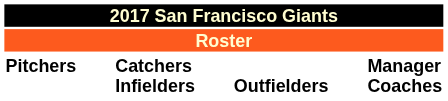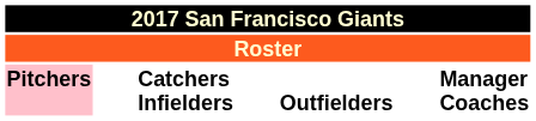 <table class="toccolours" style="font-size: 95%;">
 <tr>
 <th colspan="10" style="background:black; color:#fffdd0; text-align:center;">2017 San Francisco Giants</th>
 </tr>
 <tr>
 <td colspan="10" style="background:#fd5a1e; color:#fffdd0; text-align:center;"><strong>Roster</strong></td>
 </tr>
 <tr>
-<td valign="top"><strong>Pitchers</strong><br>                     </td>
+<td valign="top" style="background: pink;"><strong>Pitchers</strong><br>                     </td>
 <td style="width:25px;"></td>
 <td valign="top"><strong>Catchers</strong><br>   <strong>Infielders</strong>             </td>
 <td style="width:25px;"></td>
 <td valign="top"><br><strong>Outfielders</strong>           </td>
 <td style="width:25px;"></td>
 <td valign="top"><strong>Manager</strong><br> <strong>Coaches</strong>                      </td>
 </tr>
 </table>
